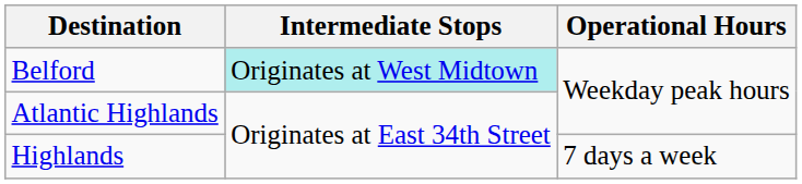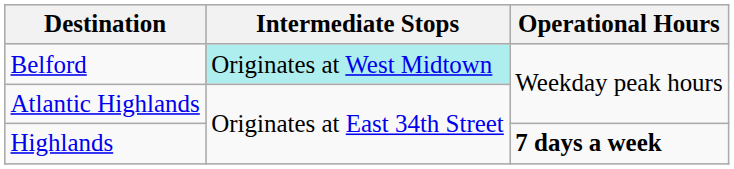 <table class="wikitable">
 <tr>
 <th>Destination</th>
 <th>Intermediate Stops</th>
 <th>Operational Hours</th>
 </tr>
 <tr>
 <td><a href='#'>Belford</a></td>
 <td style="background: paleturquoise;">Originates at <a href='#'>West Midtown</a></td>
 <td rowspan="2">Weekday peak hours</td>
 </tr>
 <tr>
 <td><a href='#'>Atlantic Highlands</a></td>
 <td rowspan="2">Originates at <a href='#'>East 34th Street</a></td>
 </tr>
 <tr>
 <td><a href='#'>Highlands</a></td>
-<td>7 days a week</td>
+<td><strong>7 days a week</strong></td>
 </tr>
 </table>
